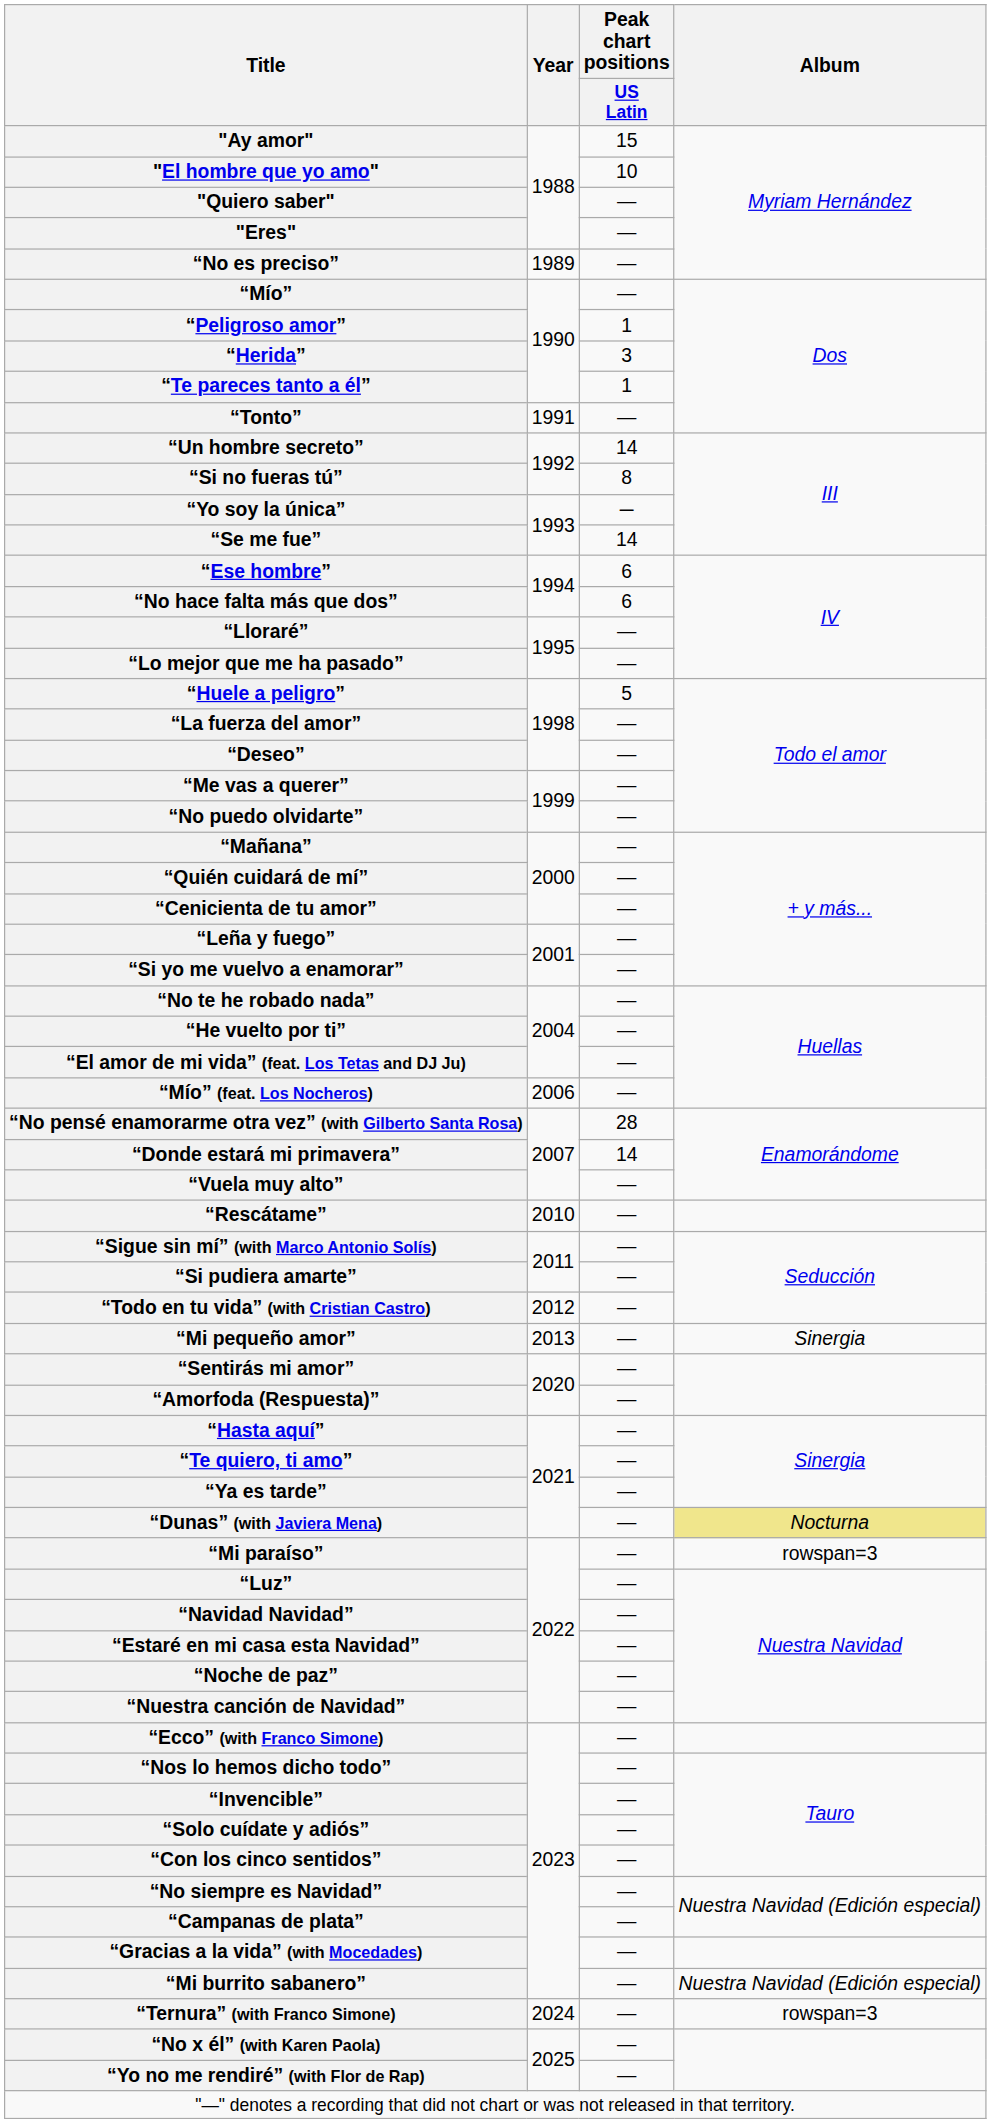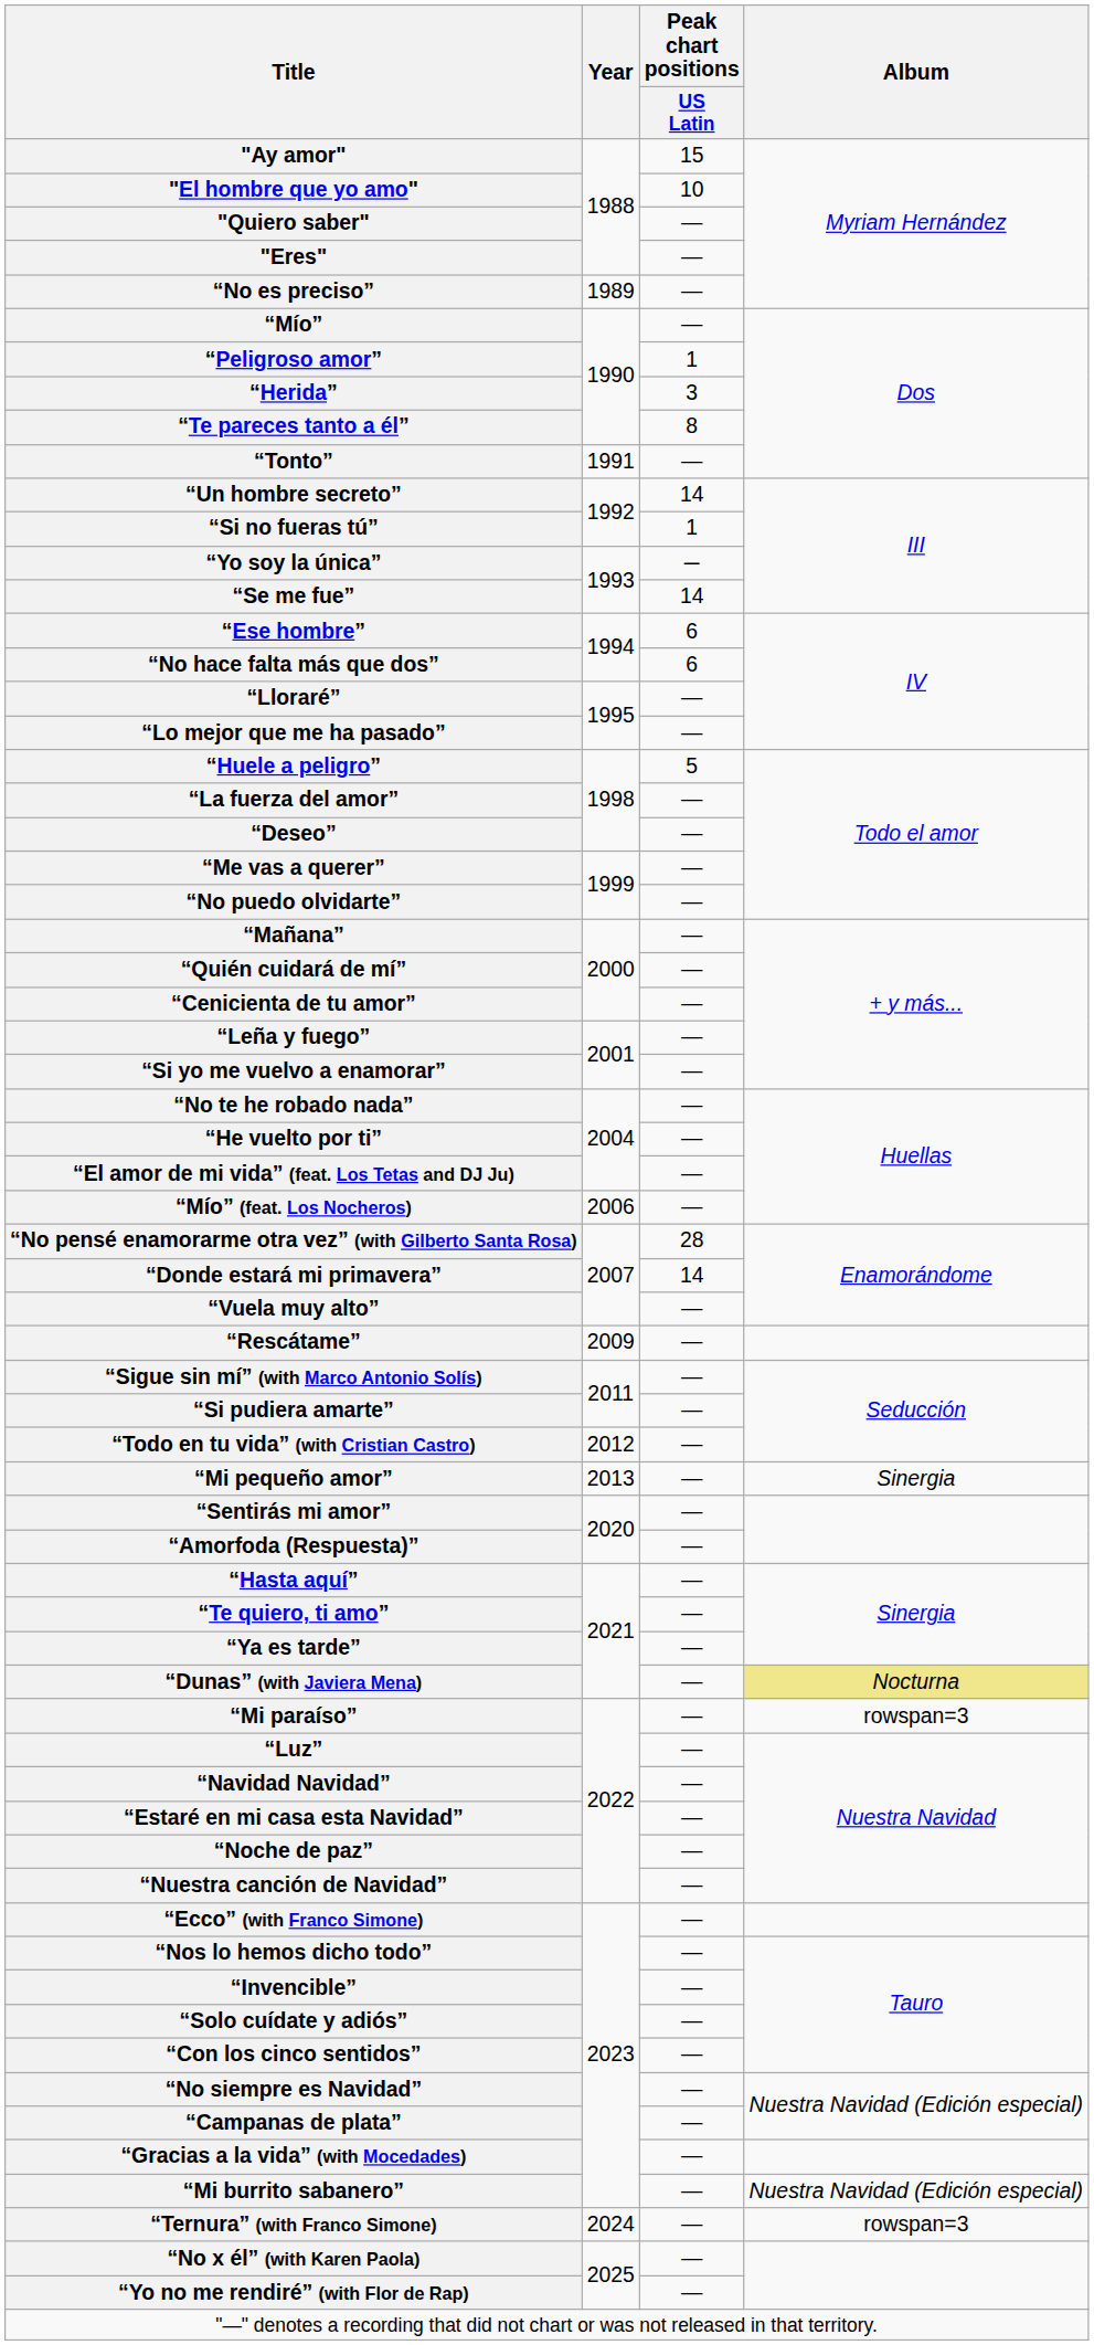 <table class="wikitable plainrowheaders" style="text-align:center;">
 <tr>
 <th rowspan="2" scope="col">Title</th>
 <th rowspan="2" scope="col">Year</th>
 <th colspan="1">Peak chart positions</th>
 <th rowspan="2">Album</th>
 </tr>
 <tr>
 <th scope="col" style="width:3em;font-size:90%;"><a href='#'>US<br>Latin</a><br></th>
 </tr>
 <tr>
 <th scope="row">"Ay amor"</th>
 <td rowspan="4">1988</td>
 <td>15</td>
 <td rowspan="5"><em><a href='#'>Myriam Hernández</a></em></td>
 </tr>
 <tr>
 <th scope="row">"<a href='#'>El hombre que yo amo</a>"</th>
 <td>10</td>
 </tr>
 <tr>
 <th scope="row">"Quiero saber"</th>
 <td>—</td>
 </tr>
 <tr>
 <th scope="row">"Eres"</th>
 <td>—</td>
 </tr>
 <tr>
 <th scope="row">“No es preciso”</th>
 <td rowspan=1>1989</td>
 <td>—</td>
 </tr>
 <tr>
 <th scope="row">“Mío”</th>
 <td rowspan=4>1990</td>
 <td>—</td>
 <td rowspan="5"><em><a href='#'>Dos</a></em></td>
 </tr>
 <tr>
 <th scope="row">“<a href='#'>Peligroso amor</a>”</th>
 <td>1</td>
 </tr>
 <tr>
 <th scope="row">“<a href='#'>Herida</a>”</th>
 <td>3</td>
 </tr>
 <tr>
 <th scope="row">“<a href='#'>Te pareces tanto a él</a>”</th>
-<td>1</td>
+<td>8</td>
 </tr>
 <tr>
 <th scope="row">“Tonto”</th>
 <td rowspan=1>1991</td>
 <td>—</td>
 </tr>
 <tr>
 <th scope="row">“Un hombre secreto”</th>
 <td rowspan=2>1992</td>
 <td>14</td>
 <td rowspan="4"><em><a href='#'>III</a></em></td>
 </tr>
 <tr>
 <th scope="row">“Si no fueras tú”</th>
-<td>8</td>
+<td>1</td>
 </tr>
 <tr>
 <th scope="row">“Yo soy la única”</th>
 <td rowspan=2>1993</td>
 <td>─</td>
 </tr>
 <tr>
 <th scope="row">“Se me fue”</th>
 <td>14</td>
 </tr>
 <tr>
 <th scope="row">“<a href='#'>Ese hombre</a>”</th>
 <td rowspan=2>1994</td>
 <td>6</td>
 <td rowspan="4"><em><a href='#'>IV</a></em></td>
 </tr>
 <tr>
 <th scope="row">“No hace falta más que dos”</th>
 <td>6</td>
 </tr>
 <tr>
 <th scope="row">“Lloraré”</th>
 <td rowspan=2>1995</td>
 <td>—</td>
 </tr>
 <tr>
 <th scope="row">“Lo mejor que me ha pasado”</th>
 <td>—</td>
 </tr>
 <tr>
 <th scope="row">“<a href='#'>Huele a peligro</a>”</th>
 <td rowspan=3>1998</td>
 <td>5</td>
 <td rowspan="5"><em><a href='#'>Todo el amor</a></em></td>
 </tr>
 <tr>
 <th scope="row">“La fuerza del amor”</th>
 <td>—</td>
 </tr>
 <tr>
 <th scope="row">“Deseo”</th>
 <td>—</td>
 </tr>
 <tr>
 <th scope="row">“Me vas a querer”</th>
 <td rowspan=2>1999</td>
 <td>—</td>
 </tr>
 <tr>
 <th scope="row">“No puedo olvidarte”</th>
 <td>—</td>
 </tr>
 <tr>
 <th scope="row">“Mañana”</th>
 <td rowspan=3>2000</td>
 <td>—</td>
 <td rowspan="5"><em><a href='#'>+ y más...</a></em></td>
 </tr>
 <tr>
 <th scope="row">“Quién cuidará de mí”</th>
 <td>—</td>
 </tr>
 <tr>
 <th scope="row">“Cenicienta de tu amor”</th>
 <td>—</td>
 </tr>
 <tr>
 <th scope="row">“Leña y fuego”</th>
 <td rowspan=2>2001</td>
 <td>—</td>
 </tr>
 <tr>
 <th scope="row">“Si yo me vuelvo a enamorar”</th>
 <td>—</td>
 </tr>
 <tr>
 <th scope="row">“No te he robado nada”</th>
 <td rowspan=3>2004</td>
 <td>—</td>
 <td rowspan="4"><em><a href='#'>Huellas</a></em></td>
 </tr>
 <tr>
 <th scope="row">“He vuelto por ti”</th>
 <td>—</td>
 </tr>
 <tr>
 <th scope="row">“El amor de mi vida” <small>(feat. <a href='#'>Los Tetas</a> and DJ Ju)<br></small></th>
 <td>—</td>
 </tr>
 <tr>
 <th scope="row">“Mío” <small>(feat. <a href='#'>Los Nocheros</a>)</small></th>
 <td rowspan=1>2006</td>
 <td>—</td>
 </tr>
 <tr>
 <th scope="row">“No pensé enamorarme otra vez” <small>(with <a href='#'>Gilberto Santa Rosa</a>)</small></th>
 <td rowspan=3>2007</td>
 <td>28</td>
 <td rowspan="3"><em><a href='#'>Enamorándome</a></em></td>
 </tr>
 <tr>
 <th scope="row">“Donde estará mi primavera”</th>
 <td>14</td>
 </tr>
 <tr>
 <th scope="row">“Vuela muy alto”</th>
 <td>—</td>
 </tr>
 <tr>
 <th scope="row">“Rescátame”</th>
-<td rowspan=1>2010</td>
+<td rowspan=1>2009</td>
 <td>—</td>
 <td></td>
 </tr>
 <tr>
 <th scope="row">“Sigue sin mí” <small>(with <a href='#'>Marco Antonio Solís</a>)</small></th>
 <td rowspan=2>2011</td>
 <td>—</td>
 <td rowspan="3"><em><a href='#'>Seducción</a></em></td>
 </tr>
 <tr>
 <th scope="row">“Si pudiera amarte”</th>
 <td>—</td>
 </tr>
 <tr>
 <th scope="row">“Todo en tu vida” <small>(with <a href='#'>Cristian Castro</a>)</small></th>
 <td rowspan=1>2012</td>
 <td>—</td>
 </tr>
 <tr>
 <th scope="row">“Mi pequeño amor”</th>
 <td>2013</td>
 <td>—</td>
 <td rowspan=1><em>Sinergia</em></td>
 </tr>
 <tr>
 <th scope="row">“Sentirás mi amor”</th>
 <td rowspan=2>2020</td>
 <td>—</td>
 </tr>
 <tr>
 <th scope="row">“Amorfoda (Respuesta)”</th>
 <td>—</td>
 </tr>
 <tr>
 <th scope="row">“<a href='#'>Hasta aquí</a>”</th>
 <td rowspan=4>2021</td>
 <td>—</td>
 <td rowspan=3><em><a href='#'>Sinergia</a></em></td>
 </tr>
 <tr>
 <th scope="row">“<a href='#'>Te quiero, ti amo</a>”</th>
 <td>—</td>
 </tr>
 <tr>
 <th scope="row">“Ya es tarde”</th>
 <td>—</td>
 </tr>
 <tr>
 <th scope="row">“Dunas” <small>(with <a href='#'>Javiera Mena</a>)</small></th>
 <td>—</td>
 <td style="background: khaki;"><em>Nocturna</em></td>
 </tr>
 <tr>
 <th scope="row">“Mi paraíso”</th>
 <td rowspan=6>2022</td>
 <td>—</td>
 <td>rowspan=3 </td>
 </tr>
 <tr>
 <th scope="row">“Luz”</th>
 <td>—</td>
 <td rowspan=5><em><a href='#'>Nuestra Navidad</a></em></td>
 </tr>
 <tr>
 <th scope="row">“Navidad Navidad”</th>
 <td>—</td>
 </tr>
 <tr>
 <th scope="row">“Estaré en mi casa esta Navidad”</th>
 <td>—</td>
 </tr>
 <tr>
 <th scope="row">“Noche de paz”</th>
 <td>—</td>
 </tr>
 <tr>
 <th scope="row">“Nuestra canción de Navidad”</th>
 <td>—</td>
 </tr>
 <tr>
 <th scope="row">“Ecco” <small>(with <a href='#'>Franco Simone</a>)</small></th>
 <td rowspan=9>2023</td>
 <td>—</td>
 <td></td>
 </tr>
 <tr>
 <th scope="row">“Nos lo hemos dicho todo”</th>
 <td>—</td>
 <td rowspan=4><em><a href='#'>Tauro</a></em></td>
 </tr>
 <tr>
 <th scope="row">“Invencible”</th>
 <td>—</td>
 </tr>
 <tr>
 <th scope="row">“Solo cuídate y adiós”</th>
 <td>—</td>
 </tr>
 <tr>
 <th scope="row">“Con los cinco sentidos”</th>
 <td>—</td>
 </tr>
 <tr>
 <th scope="row">“No siempre es Navidad”</th>
 <td>—</td>
 <td rowspan=2><em>Nuestra Navidad (Edición especial)</em></td>
 </tr>
 <tr>
 <th scope="row">“Campanas de plata”</th>
 <td>—</td>
 </tr>
 <tr>
 <th scope="row">“Gracias a la vida” <small>(with <a href='#'>Mocedades</a>)</small></th>
 <td>—</td>
 <td></td>
 </tr>
 <tr>
 <th scope="row">“Mi burrito sabanero”</th>
 <td>—</td>
 <td rowspan=1><em>Nuestra Navidad (Edición especial)</em></td>
 </tr>
 <tr>
 <th scope="row">“Ternura” <small>(with Franco Simone)</small></th>
 <td rowspan=1>2024</td>
 <td>—</td>
 <td>rowspan=3 </td>
 </tr>
 <tr>
 <th scope="row">“No x él” <small>(with Karen Paola)</small></th>
 <td rowspan=2>2025</td>
 <td>—</td>
 </tr>
 <tr>
 <th scope="row">“Yo no me rendiré” <small>(with Flor de Rap)</small></th>
 <td>—</td>
 </tr>
 <tr>
 <td colspan="5" style="font-size:90%">"—" denotes a recording that did not chart or was not released in that territory.</td>
 </tr>
 </table>
